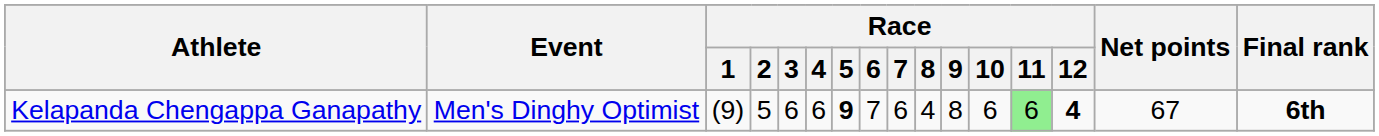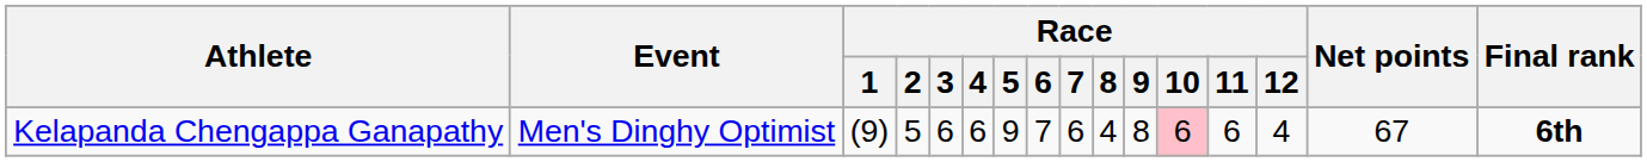 <table class="wikitable" border="1" style="font-size:90%">
 <tr>
 <th rowspan=2>Athlete</th>
 <th rowspan=2>Event</th>
 <th colspan=12>Race</th>
 <th rowspan=2>Net points</th>
 <th rowspan=2>Final rank</th>
 </tr>
 <tr>
 <th>1</th>
 <th>2</th>
 <th>3</th>
 <th>4</th>
 <th>5</th>
 <th>6</th>
 <th>7</th>
 <th>8</th>
 <th>9</th>
 <th>10</th>
 <th>11</th>
 <th>12</th>
 </tr>
 <tr align=center>
 <td align=left><a href='#'>Kelapanda Chengappa Ganapathy</a></td>
 <td align=left><a href='#'>Men's Dinghy Optimist</a></td>
 <td>(9)</td>
 <td>5</td>
 <td>6</td>
 <td>6</td>
-<td><strong>9</strong></td>
+<td>9</td>
 <td>7</td>
 <td>6</td>
 <td>4</td>
 <td>8</td>
+<td style="background: pink;">6</td>
 <td>6</td>
-<td style="background: lightgreen;">6</td>
-<td><strong>4</strong></td>
+<td>4</td>
 <td>67</td>
 <td><strong>6th</strong></td>
 </tr>
 </table>
